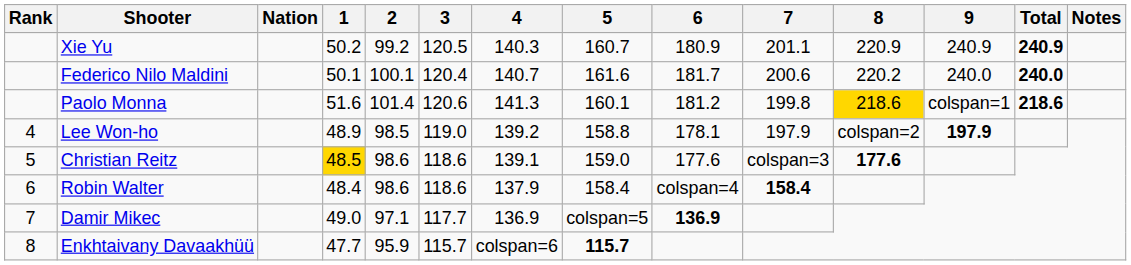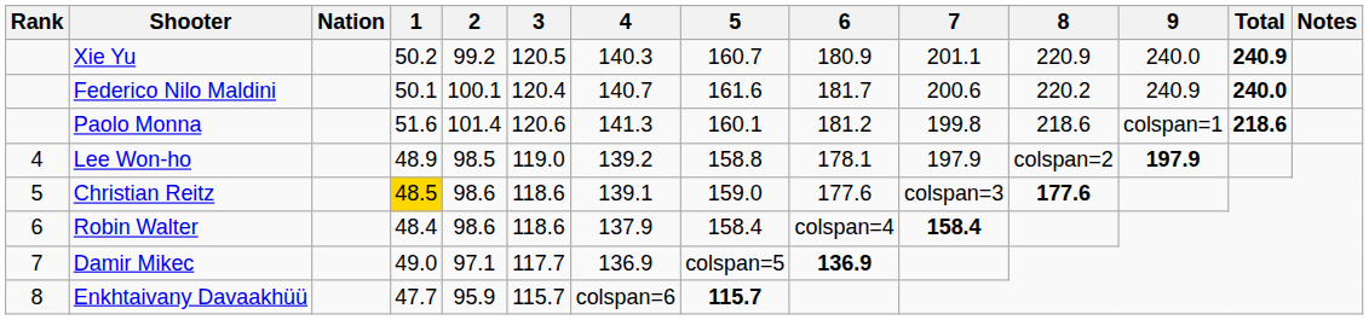 <table class="wikitable sortable" style="text-align:center">
 <tr>
 <th>Rank</th>
 <th>Shooter</th>
 <th>Nation</th>
 <th>1</th>
 <th>2</th>
 <th>3</th>
 <th>4</th>
 <th>5</th>
 <th>6</th>
 <th>7</th>
 <th>8</th>
 <th>9</th>
 <th>Total</th>
 <th>Notes</th>
 </tr>
 <tr>
 <td></td>
 <td align=left><a href='#'>Xie Yu</a></td>
 <td align=left></td>
 <td>50.2</td>
 <td>99.2</td>
 <td>120.5</td>
 <td>140.3</td>
 <td>160.7</td>
 <td>180.9</td>
 <td>201.1</td>
 <td>220.9</td>
-<td>240.9</td>
+<td>240.0</td>
 <td><strong>240.9</strong></td>
 <td></td>
 </tr>
 <tr>
 <td></td>
 <td align=left><a href='#'>Federico Nilo Maldini</a></td>
 <td align=left></td>
 <td>50.1</td>
 <td>100.1</td>
 <td>120.4</td>
 <td>140.7</td>
 <td>161.6</td>
 <td>181.7</td>
 <td>200.6</td>
 <td>220.2</td>
-<td>240.0</td>
+<td>240.9</td>
 <td><strong>240.0</strong></td>
 <td></td>
 </tr>
 <tr>
 <td></td>
 <td align=left><a href='#'>Paolo Monna</a></td>
 <td align=left></td>
 <td>51.6</td>
 <td>101.4</td>
 <td>120.6</td>
 <td>141.3</td>
 <td>160.1</td>
 <td>181.2</td>
 <td>199.8</td>
-<td style="background: gold;">218.6</td>
+<td>218.6</td>
 <td>colspan=1 </td>
 <td><strong>218.6</strong></td>
 <td></td>
 </tr>
 <tr>
 <td>4</td>
 <td align=left><a href='#'>Lee Won-ho</a></td>
 <td align=left></td>
 <td>48.9</td>
 <td>98.5</td>
 <td>119.0</td>
 <td>139.2</td>
 <td>158.8</td>
 <td>178.1</td>
 <td>197.9</td>
 <td>colspan=2 </td>
 <td><strong>197.9</strong></td>
 <td></td>
 </tr>
 <tr>
 <td>5</td>
 <td align=left><a href='#'>Christian Reitz</a></td>
 <td align=left></td>
 <td style="background: gold;">48.5</td>
 <td>98.6</td>
 <td>118.6</td>
 <td>139.1</td>
 <td>159.0</td>
 <td>177.6</td>
 <td>colspan=3 </td>
 <td><strong>177.6</strong></td>
 <td></td>
 </tr>
 <tr>
 <td>6</td>
 <td align=left><a href='#'>Robin Walter</a></td>
 <td align=left></td>
 <td>48.4</td>
 <td>98.6</td>
 <td>118.6</td>
 <td>137.9</td>
 <td>158.4</td>
 <td>colspan=4 </td>
 <td><strong>158.4</strong></td>
 <td></td>
 </tr>
 <tr>
 <td>7</td>
 <td align=left><a href='#'>Damir Mikec</a></td>
 <td align=left></td>
 <td>49.0</td>
 <td>97.1</td>
 <td>117.7</td>
 <td>136.9</td>
 <td>colspan=5 </td>
 <td><strong>136.9</strong></td>
 <td></td>
 </tr>
 <tr>
 <td>8</td>
 <td align=left><a href='#'>Enkhtaivany Davaakhüü</a></td>
 <td align=left></td>
 <td>47.7</td>
 <td>95.9</td>
 <td>115.7</td>
 <td>colspan=6 </td>
 <td><strong>115.7</strong></td>
 <td></td>
 </tr>
 </table>
